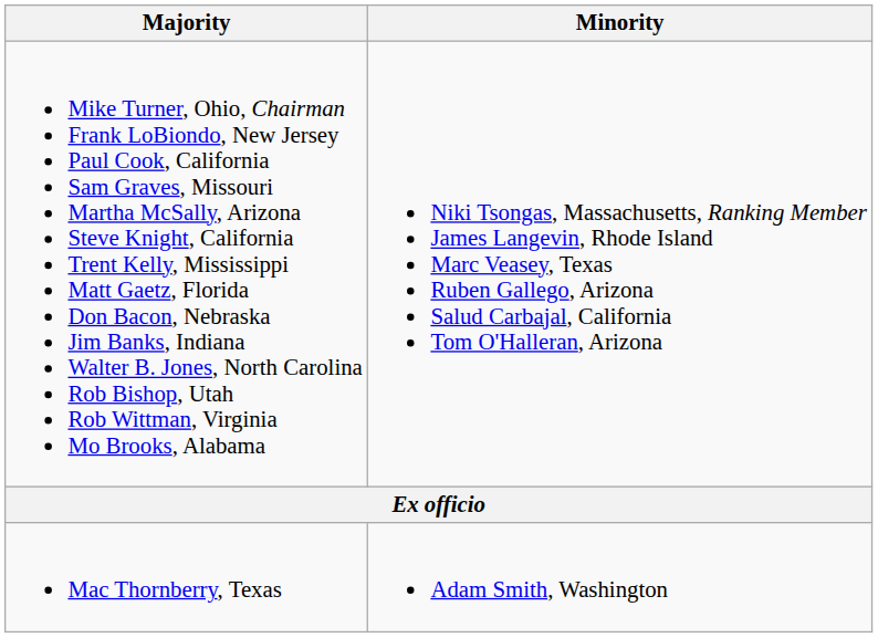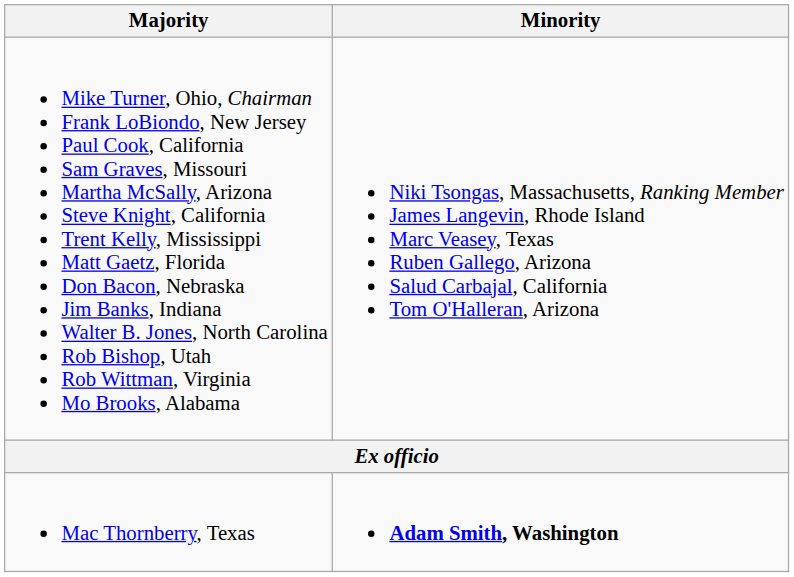 <table class=wikitable>
 <tr>
 <th>Majority</th>
 <th>Minority</th>
 </tr>
 <tr>
 <td><br><ul><li><a href='#'>Mike Turner</a>, Ohio, <em>Chairman</em></li><li><a href='#'>Frank LoBiondo</a>, New Jersey</li><li><a href='#'>Paul Cook</a>, California</li><li><a href='#'>Sam Graves</a>, Missouri</li><li><a href='#'>Martha McSally</a>, Arizona</li><li><a href='#'>Steve Knight</a>, California</li><li><a href='#'>Trent Kelly</a>, Mississippi</li><li><a href='#'>Matt Gaetz</a>, Florida</li><li><a href='#'>Don Bacon</a>, Nebraska</li><li><a href='#'>Jim Banks</a>, Indiana</li><li><a href='#'>Walter B. Jones</a>, North Carolina</li><li><a href='#'>Rob Bishop</a>, Utah</li><li><a href='#'>Rob Wittman</a>, Virginia</li><li><a href='#'>Mo Brooks</a>, Alabama</li></ul></td>
 <td><br><ul><li><a href='#'>Niki Tsongas</a>, Massachusetts, <em>Ranking Member</em></li><li><a href='#'>James Langevin</a>, Rhode Island</li><li><a href='#'>Marc Veasey</a>, Texas</li><li><a href='#'>Ruben Gallego</a>, Arizona</li><li><a href='#'>Salud Carbajal</a>, California</li><li><a href='#'>Tom O'Halleran</a>, Arizona</li></ul></td>
 </tr>
 <tr>
 <th colspan=2><em>Ex officio</em></th>
 </tr>
 <tr>
 <td><br><ul><li><a href='#'>Mac Thornberry</a>, Texas</li></ul></td>
-<td><br><ul><li><a href='#'>Adam Smith</a>, Washington</li></ul></td>
+<td><strong><br><ul><li><a href='#'>Adam Smith</a>, Washington</li></ul></strong></td>
 </tr>
 </table>
